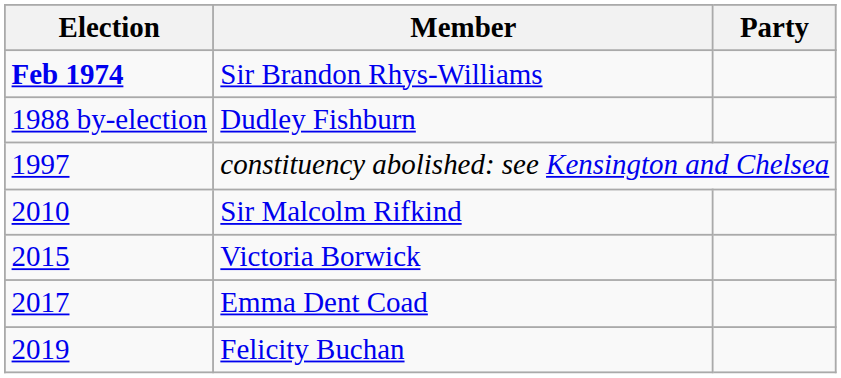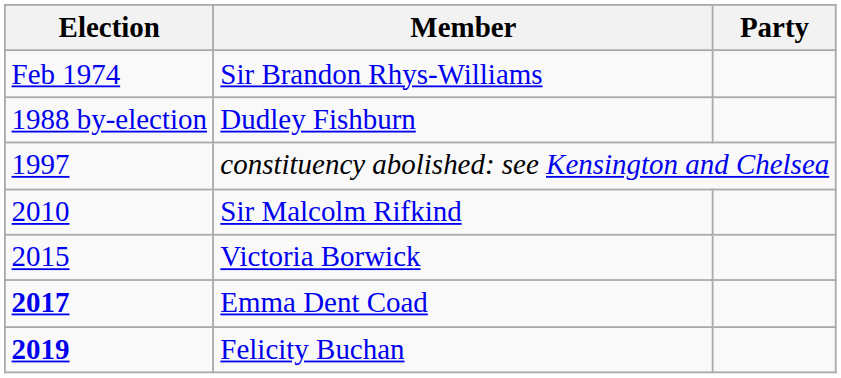 <table class="wikitable">
 <tr>
 <th>Election</th>
 <th>Member</th>
 <th colspan="2">Party</th>
 </tr>
 <tr>
-<td><strong><a href='#'>Feb 1974</a></strong></td>
+<td><a href='#'>Feb 1974</a></td>
 <td><a href='#'>Sir Brandon Rhys-Williams</a></td>
 <td></td>
 </tr>
 <tr>
 <td><a href='#'>1988 by-election</a></td>
 <td><a href='#'>Dudley Fishburn</a></td>
 <td></td>
 </tr>
 <tr>
 <td><a href='#'>1997</a></td>
 <td colspan="3"><em>constituency abolished: see <a href='#'>Kensington and Chelsea</a></em></td>
 </tr>
 <tr>
 <td><a href='#'>2010</a></td>
 <td><a href='#'>Sir Malcolm Rifkind</a></td>
 <td></td>
 </tr>
 <tr>
 <td><a href='#'>2015</a></td>
 <td><a href='#'>Victoria Borwick</a></td>
 <td></td>
 </tr>
 <tr>
-<td><a href='#'>2017</a></td>
+<td><strong><a href='#'>2017</a></strong></td>
 <td><a href='#'>Emma Dent Coad</a></td>
 <td></td>
 </tr>
 <tr>
-<td><a href='#'>2019</a></td>
+<td><strong><a href='#'>2019</a></strong></td>
 <td><a href='#'>Felicity Buchan</a></td>
 <td></td>
 </tr>
 </table>
